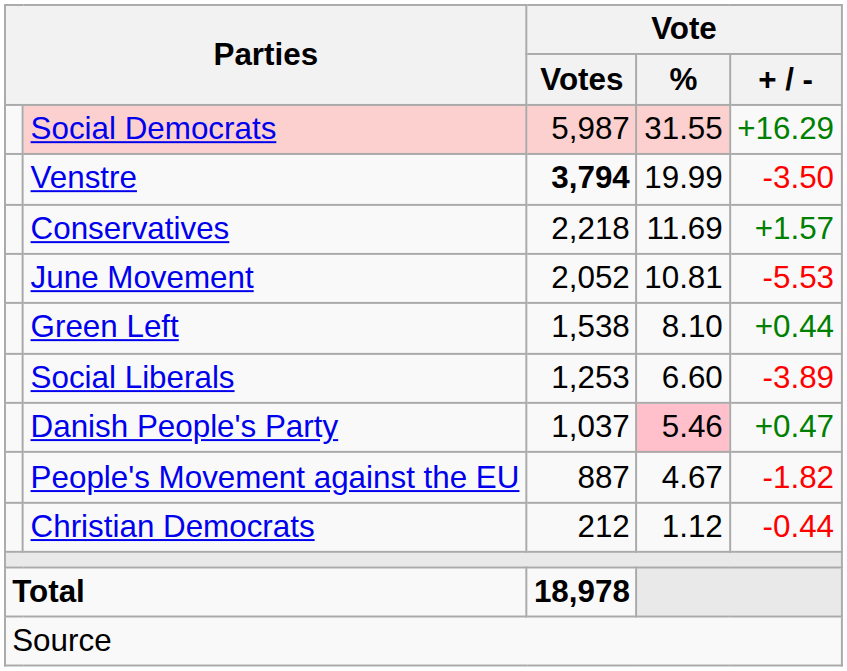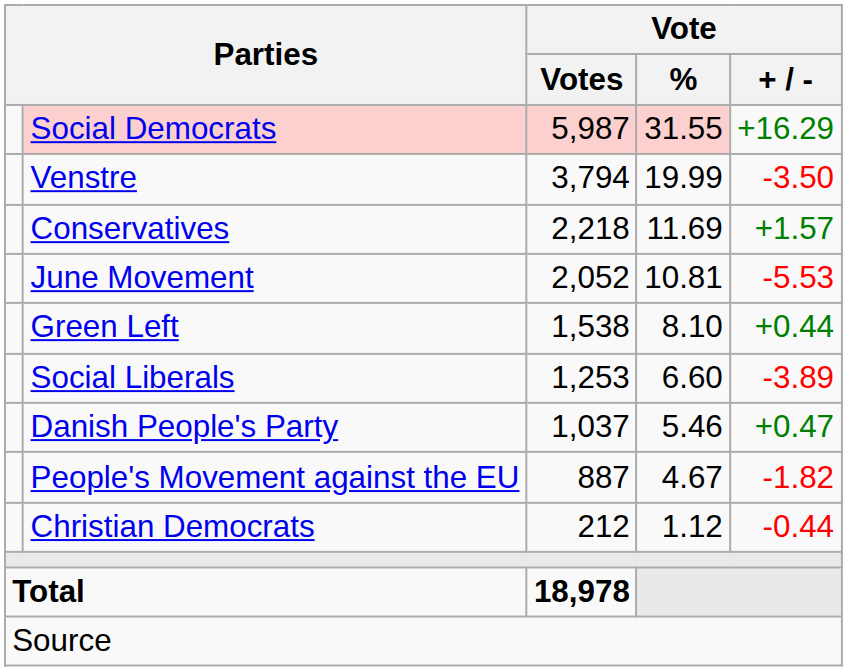 <table class="wikitable" style="text-align:right;">
 <tr>
 <th style="text-align:centre;" rowspan="2" colspan="2" width="225">Parties</th>
 <th colspan="3">Vote</th>
 </tr>
 <tr>
 <th width="15">Votes</th>
 <th width="15">%</th>
 <th width="15">+ / -</th>
 </tr>
 <tr>
 <td width="2" style="color:inherit;background:"></td>
 <td bgcolor=#fbd0ce   align="left"><a href='#'>Social Democrats</a></td>
 <td bgcolor=#fbd0ce>5,987</td>
 <td bgcolor=#fbd0ce>31.55</td>
 <td style=color:green;>+16.29</td>
 </tr>
 <tr>
 <td width="2" style="color:inherit;background:"></td>
 <td align="left"><a href='#'>Venstre</a></td>
-<td><strong>3,794</strong></td>
+<td>3,794</td>
 <td>19.99</td>
 <td style=color:red;>-3.50</td>
 </tr>
 <tr>
 <td width="2" style="color:inherit;background:"></td>
 <td align="left"><a href='#'>Conservatives</a></td>
 <td>2,218</td>
 <td>11.69</td>
 <td style=color:green;>+1.57</td>
 </tr>
 <tr>
 <td width="2" style="color:inherit;background:"></td>
 <td align="left"><a href='#'>June Movement</a></td>
 <td>2,052</td>
 <td>10.81</td>
 <td style=color:red;>-5.53</td>
 </tr>
 <tr>
 <td width="2" style="color:inherit;background:"></td>
 <td align="left"><a href='#'>Green Left</a></td>
 <td>1,538</td>
 <td>8.10</td>
 <td style=color:green;>+0.44</td>
 </tr>
 <tr>
 <td width="2" style="color:inherit;background:"></td>
 <td align="left"><a href='#'>Social Liberals</a></td>
 <td>1,253</td>
 <td>6.60</td>
 <td style=color:red;>-3.89</td>
 </tr>
 <tr>
 <td width="2" style="color:inherit;background:"></td>
 <td align="left"><a href='#'>Danish People's Party</a></td>
 <td>1,037</td>
-<td style="background: pink;">5.46</td>
+<td>5.46</td>
 <td style=color:green;>+0.47</td>
 </tr>
 <tr>
 <td width="2" style="color:inherit;background:"></td>
 <td align="left"><a href='#'>People's Movement against the EU</a></td>
 <td>887</td>
 <td>4.67</td>
 <td style=color:red;>-1.82</td>
 </tr>
 <tr>
 <td width="2" style="color:inherit;background:"></td>
 <td align="left"><a href='#'>Christian Democrats</a></td>
 <td>212</td>
 <td>1.12</td>
 <td style=color:red;>-0.44</td>
 </tr>
 <tr>
 <td colspan="7" bgcolor="#E9E9E9"></td>
 </tr>
 <tr>
 <td align="left" colspan="2"><strong>Total</strong></td>
 <td><strong>18,978</strong></td>
 <td bgcolor="#E9E9E9" colspan="2"></td>
 </tr>
 <tr>
 <td align="left" colspan="6">Source</td>
 </tr>
 </table>
